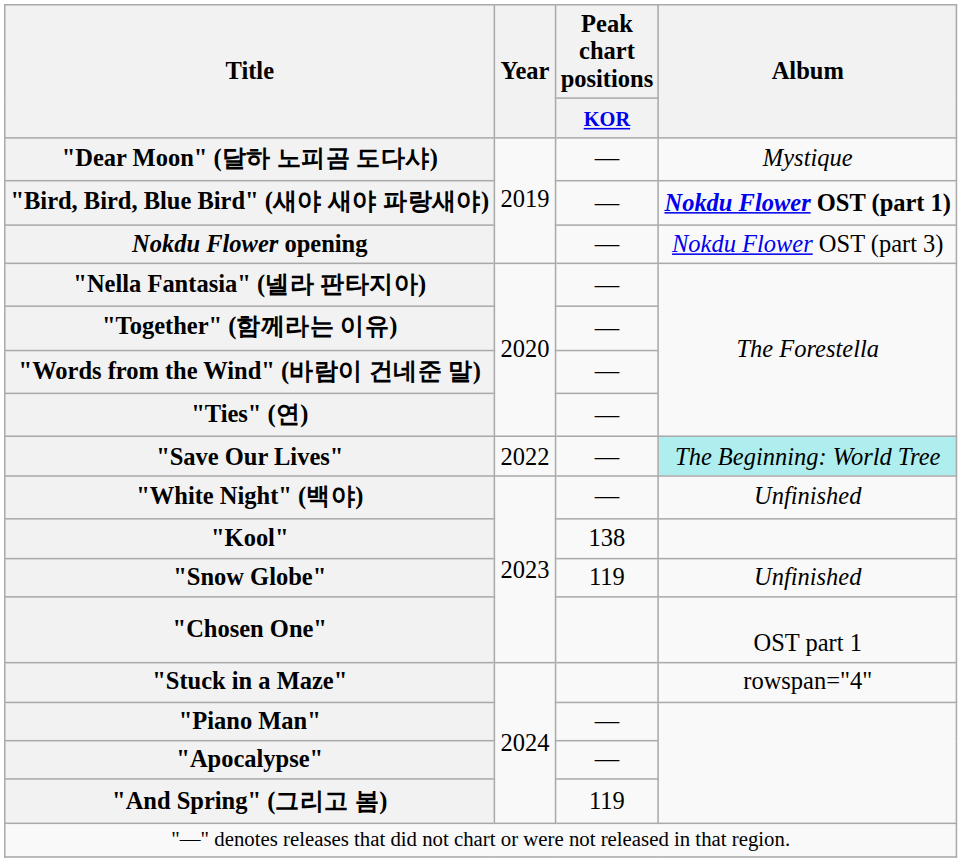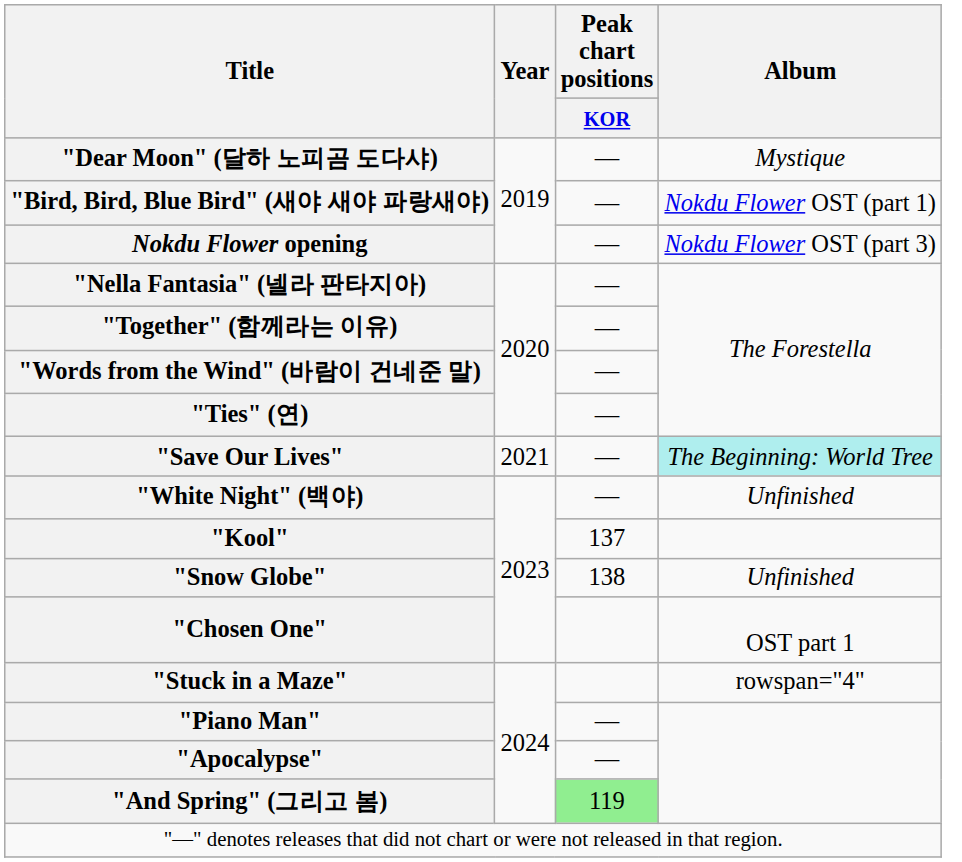 <table class="wikitable plainrowheaders" style="text-align:center;" border="1">
 <tr>
 <th scope="col" rowspan="2">Title</th>
 <th scope="col" rowspan="2">Year</th>
 <th scope="col" colspan="1">Peak chart positions</th>
 <th scope="col" rowspan="2">Album</th>
 </tr>
 <tr>
 <th style="width:2.5em;"><small><a href='#'>KOR</a></small><br></th>
 </tr>
 <tr>
 <th scope="row">"Dear Moon" (달하 노피곰 도다샤)</th>
 <td rowspan="3">2019</td>
 <td>—</td>
 <td><em>Mystique</em></td>
 </tr>
 <tr>
 <th scope="row">"Bird, Bird, Blue Bird" (새야 새야 파랑새야)</th>
 <td>—</td>
-<td><strong><em><a href='#'>Nokdu Flower</a></em> OST (part 1)</strong></td>
+<td><em><a href='#'>Nokdu Flower</a></em> OST (part 1)</td>
 </tr>
 <tr>
 <th scope="row"><em>Nokdu Flower</em> opening</th>
 <td>—</td>
 <td><em><a href='#'>Nokdu Flower</a></em> OST (part 3)</td>
 </tr>
 <tr>
 <th scope="row">"Nella Fantasia" (넬라 판타지아)</th>
 <td rowspan="4">2020</td>
 <td>—</td>
 <td rowspan="4"><em>The Forestella</em></td>
 </tr>
 <tr>
 <th scope="row">"Together" (함께라는 이유)</th>
 <td>—</td>
 </tr>
 <tr>
 <th scope="row">"Words from the Wind" (바람이 건네준 말)</th>
 <td>—</td>
 </tr>
 <tr>
 <th scope="row">"Ties" (연)</th>
 <td>—</td>
 </tr>
 <tr>
 <th scope="row">"Save Our Lives"</th>
-<td>2022</td>
+<td>2021</td>
 <td>—</td>
 <td style="background: paleturquoise;"><em>The Beginning: World Tree</em></td>
 </tr>
 <tr>
 <th scope="row">"White Night" (백야)</th>
 <td rowspan="4">2023</td>
 <td>—</td>
 <td><em>Unfinished</em></td>
 </tr>
 <tr>
 <th scope="row">"Kool"</th>
-<td>138</td>
+<td>137</td>
 <td></td>
 </tr>
 <tr>
 <th scope="row">"Snow Globe"</th>
-<td>119</td>
+<td>138</td>
 <td><em>Unfinished</em></td>
 </tr>
 <tr>
 <th scope="row">"Chosen One"</th>
 <td></td>
 <td><br>OST part 1</td>
 </tr>
 <tr>
 <th scope="row">"Stuck in a Maze"</th>
 <td rowspan="4">2024</td>
 <td></td>
 <td>rowspan="4" </td>
 </tr>
 <tr>
 <th scope="row">"Piano Man"</th>
 <td>—</td>
 </tr>
 <tr>
 <th scope="row">"Apocalypse"</th>
 <td>—</td>
 </tr>
 <tr>
 <th scope="row">"And Spring" (그리고 봄)</th>
-<td>119</td>
+<td style="background: lightgreen;">119</td>
 </tr>
 <tr>
 <td colspan="4" style="font-size:85%;">"—" denotes releases that did not chart or were not released in that region.</td>
 </tr>
 </table>
